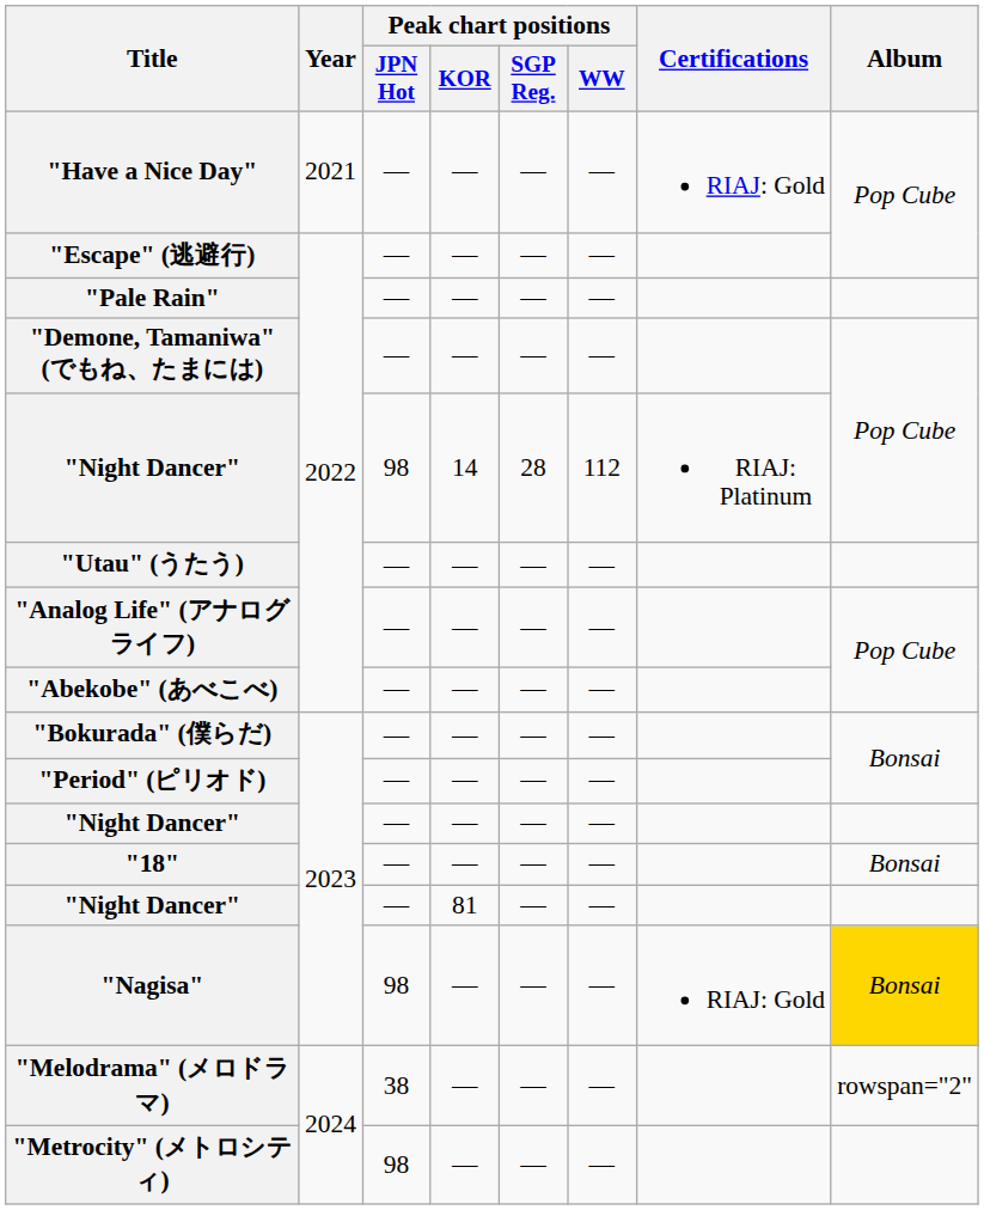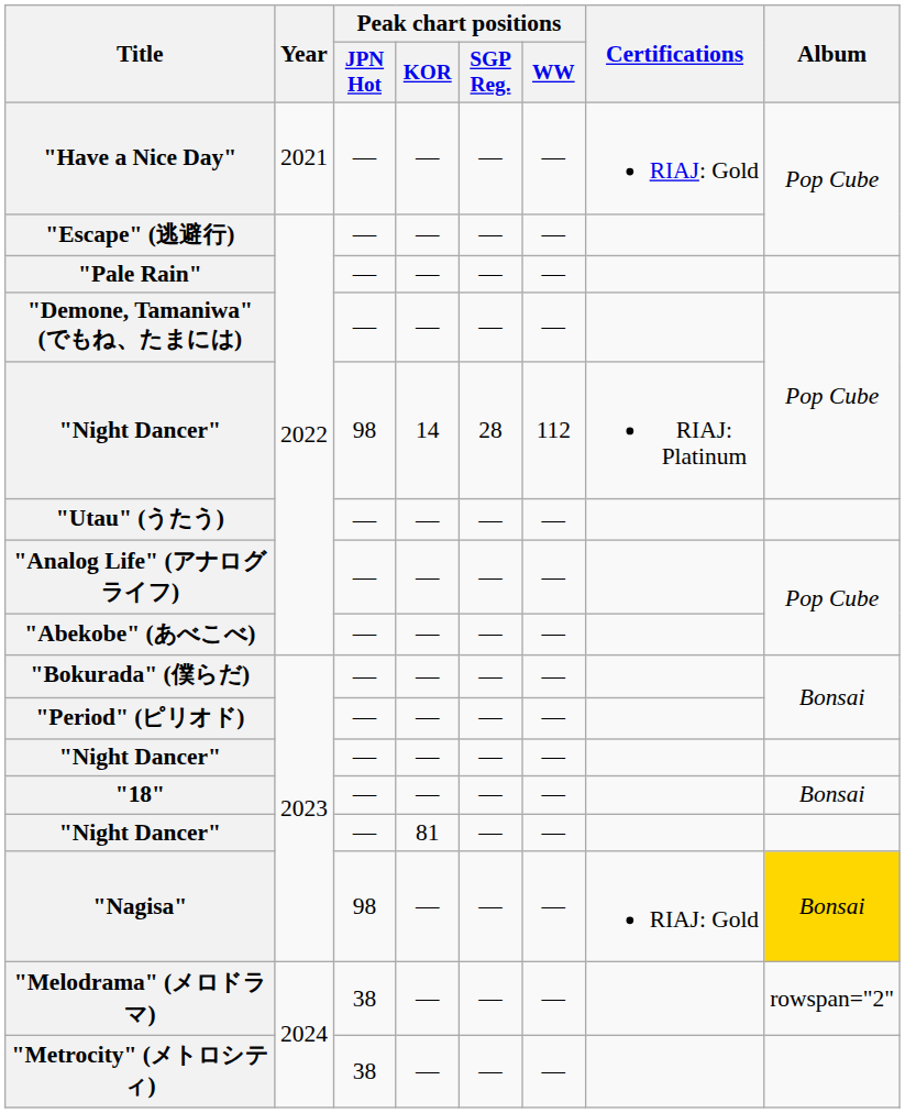 <table class="wikitable plainrowheaders" style="text-align:center;">
 <tr>
 <th rowspan="2">Title</th>
 <th rowspan="2">Year</th>
 <th colspan="4">Peak chart positions</th>
 <th rowspan="2"><a href='#'>Certifications</a></th>
 <th rowspan="2">Album</th>
 </tr>
 <tr>
 <th scope="col" style="width:2.5em;font-size:90%;"><a href='#'>JPN<br>Hot</a><br></th>
 <th scope="col" style="width:2.5em;font-size:90%;"><a href='#'>KOR</a><br></th>
 <th scope="col" style="width:2.5em;font-size:90%;"><a href='#'>SGP<br>Reg.</a><br></th>
 <th scope="col" style="width:2.5em;font-size:90%;"><a href='#'>WW</a><br></th>
 </tr>
 <tr>
 <th scope="row">"Have a Nice Day"</th>
 <td>2021</td>
 <td>—</td>
 <td>—</td>
 <td>—</td>
 <td>—</td>
 <td><br><ul><li><a href='#'>RIAJ</a>: Gold </li></ul></td>
 <td rowspan="2"><em>Pop Cube</em></td>
 </tr>
 <tr>
 <th scope="row">"Escape" (逃避行)</th>
 <td rowspan="7">2022</td>
 <td>—</td>
 <td>—</td>
 <td>—</td>
 <td>—</td>
 <td></td>
 </tr>
 <tr>
 <th scope="row">"Pale Rain" </th>
 <td>—</td>
 <td>—</td>
 <td>—</td>
 <td>—</td>
 <td></td>
 <td></td>
 </tr>
 <tr>
 <th scope="row">"Demone, Tamaniwa" (でもね、たまには)</th>
 <td>—</td>
 <td>—</td>
 <td>—</td>
 <td>—</td>
 <td></td>
 <td rowspan="2"><em>Pop Cube</em></td>
 </tr>
 <tr>
 <th scope="row">"Night Dancer"</th>
 <td>98</td>
 <td>14</td>
 <td>28</td>
 <td>112</td>
 <td><br><ul><li>RIAJ: Platinum </li></ul></td>
 </tr>
 <tr>
 <th scope="row">"Utau" (うたう)</th>
 <td>—</td>
 <td>—</td>
 <td>—</td>
 <td>—</td>
 <td></td>
 <td></td>
 </tr>
 <tr>
 <th scope="row">"Analog Life" (アナログライフ)</th>
 <td>—</td>
 <td>—</td>
 <td>—</td>
 <td>—</td>
 <td></td>
 <td rowspan="2"><em>Pop Cube</em></td>
 </tr>
 <tr>
 <th scope="row">"Abekobe" (あべこべ)</th>
 <td>—</td>
 <td>—</td>
 <td>—</td>
 <td>—</td>
 <td></td>
 </tr>
 <tr>
 <th scope="row">"Bokurada" (僕らだ)</th>
 <td rowspan="6">2023</td>
 <td>—</td>
 <td>—</td>
 <td>—</td>
 <td>—</td>
 <td></td>
 <td rowspan="2"><em>Bonsai</em></td>
 </tr>
 <tr>
 <th scope="row">"Period" (ピリオド)</th>
 <td>—</td>
 <td>—</td>
 <td>—</td>
 <td>—</td>
 <td></td>
 </tr>
 <tr>
 <th scope="row">"Night Dancer" </th>
 <td>—</td>
 <td>—</td>
 <td>—</td>
 <td>—</td>
 <td></td>
 <td></td>
 </tr>
 <tr>
 <th scope="row">"18"</th>
 <td>—</td>
 <td>—</td>
 <td>—</td>
 <td>—</td>
 <td></td>
 <td><em>Bonsai</em></td>
 </tr>
 <tr>
 <th scope="row">"Night Dancer" </th>
 <td>—</td>
 <td>81</td>
 <td>—</td>
 <td>—</td>
 <td></td>
 <td></td>
 </tr>
 <tr>
 <th scope="row">"Nagisa"</th>
 <td>98</td>
 <td>—</td>
 <td>—</td>
 <td>—</td>
 <td><br><ul><li>RIAJ: Gold </li></ul></td>
 <td style="background: gold;"><em>Bonsai</em></td>
 </tr>
 <tr>
 <th scope="row">"Melodrama" (メロドラマ)<br></th>
 <td rowspan="2">2024</td>
 <td>38</td>
 <td>—</td>
 <td>—</td>
 <td>—</td>
 <td></td>
 <td>rowspan="2" </td>
 </tr>
 <tr>
 <th scope="row">"Metrocity" (メトロシティ)<br></th>
-<td>98</td>
+<td>38</td>
 <td>—</td>
 <td>—</td>
 <td>—</td>
 <td></td>
 </tr>
 </table>
